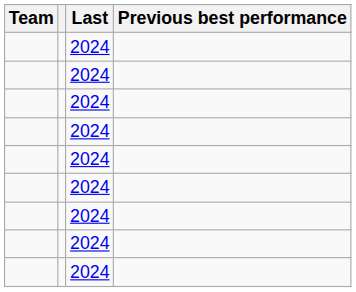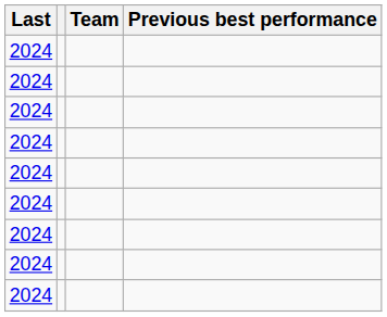 <table class="wikitable sortable" style="text-align: center;">
 <tr>
+<th>Last</th>
+<th data-sort-type="number"></th>
 <th>Team</th>
-<th data-sort-type="number"></th>
-<th>Last</th>
 <th>Previous best performance</th>
 </tr>
 <tr>
+<td><a href='#'>2024</a></td>
+<td></td>
 <td align=left></td>
-<td></td>
-<td><a href='#'>2024</a></td>
 <td align=left></td>
 </tr>
 <tr>
+<td><a href='#'>2024</a></td>
+<td></td>
 <td align=left></td>
-<td></td>
-<td><a href='#'>2024</a></td>
 <td align=left></td>
 </tr>
 <tr>
+<td><a href='#'>2024</a></td>
+<td></td>
 <td align=left></td>
-<td></td>
-<td><a href='#'>2024</a></td>
 <td align=left></td>
 </tr>
 <tr>
+<td><a href='#'>2024</a></td>
+<td></td>
 <td align=left></td>
-<td></td>
-<td><a href='#'>2024</a></td>
 <td align=left></td>
 </tr>
 <tr>
+<td><a href='#'>2024</a></td>
+<td></td>
 <td align=left></td>
-<td></td>
-<td><a href='#'>2024</a></td>
 <td align=left></td>
 </tr>
 <tr>
+<td><a href='#'>2024</a></td>
+<td></td>
 <td align=left></td>
-<td></td>
-<td><a href='#'>2024</a></td>
 <td align=left></td>
 </tr>
 <tr>
+<td><a href='#'>2024</a></td>
+<td></td>
 <td align=left></td>
-<td></td>
-<td><a href='#'>2024</a></td>
 <td align=left></td>
 </tr>
 <tr>
+<td><a href='#'>2024</a></td>
+<td></td>
 <td align=left></td>
-<td></td>
-<td><a href='#'>2024</a></td>
 <td align=left></td>
 </tr>
 <tr>
+<td><a href='#'>2024</a></td>
+<td></td>
 <td align=left></td>
-<td></td>
-<td><a href='#'>2024</a></td>
 <td align=left></td>
 </tr>
 </table>
